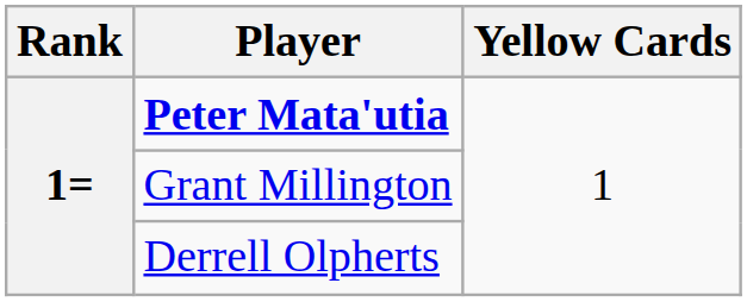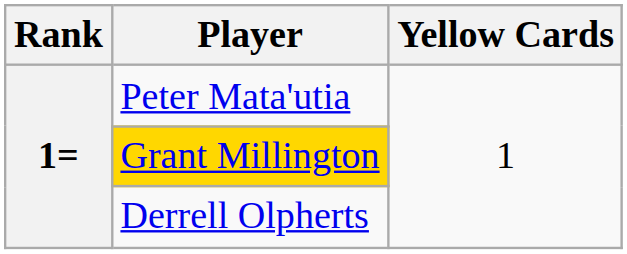 <table class="wikitable sortable" style="text-align:center">
 <tr>
 <th>Rank</th>
 <th>Player</th>
 <th> Yellow Cards</th>
 </tr>
 <tr>
 <th rowspan=3>1=</th>
-<td align="left"><strong> <a href='#'>Peter Mata'utia</a></strong></td>
+<td align="left"> <a href='#'>Peter Mata'utia</a></td>
 <td Rowspan=3>1</td>
 </tr>
 <tr>
-<td align="left"> <a href='#'>Grant Millington</a></td>
+<td align="left" style="background: gold;"> <a href='#'>Grant Millington</a></td>
 </tr>
 <tr>
 <td align="left"> <a href='#'>Derrell Olpherts</a></td>
 </tr>
 </table>
